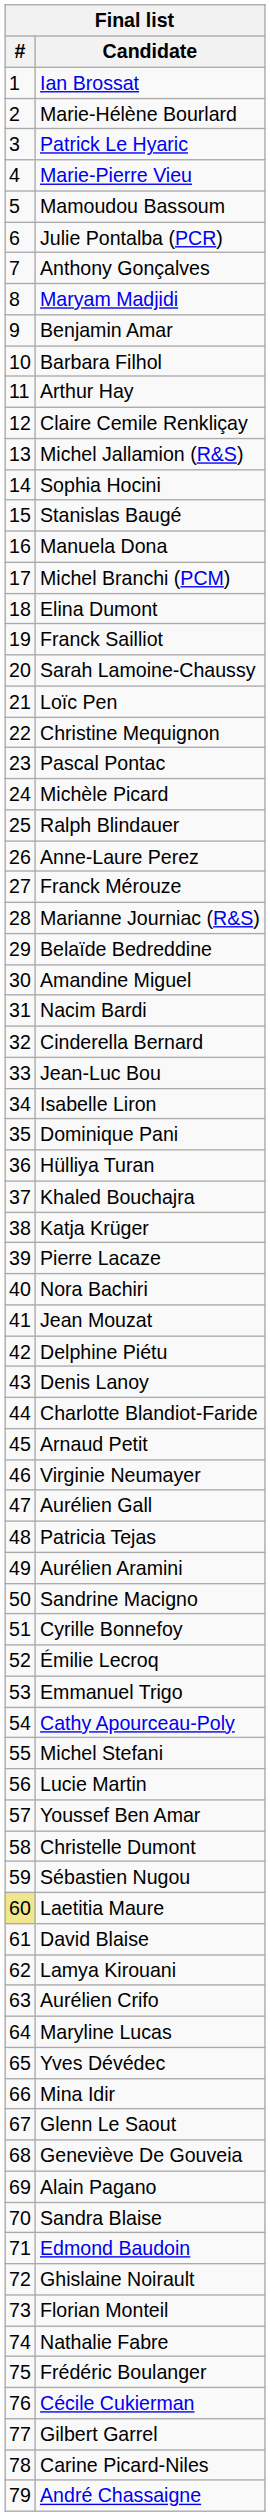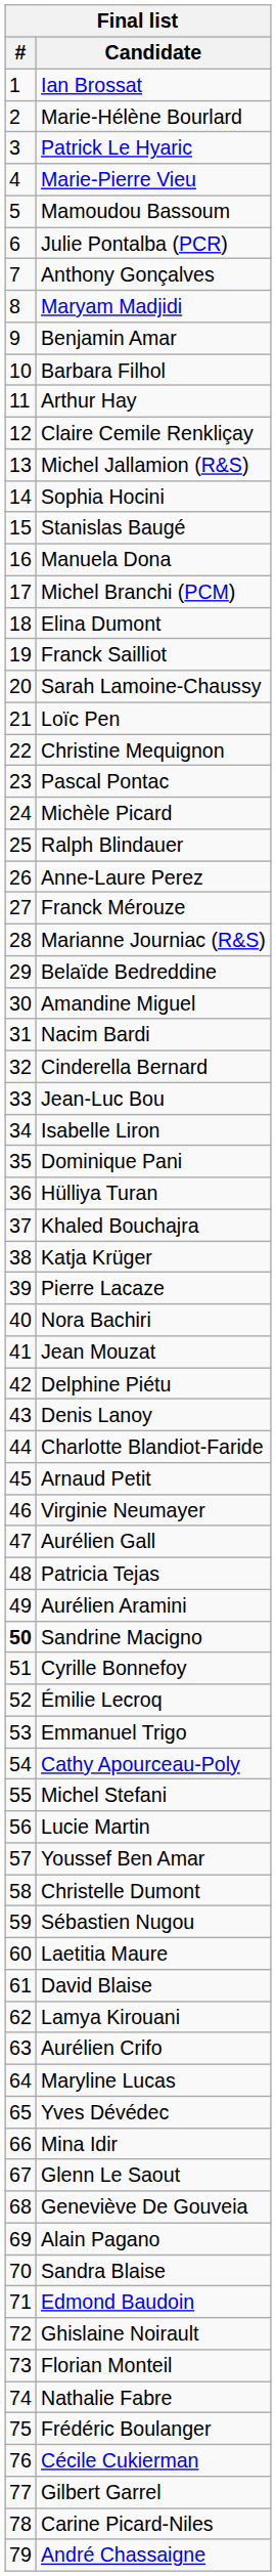 <table class="wikitable mw-collapsible mw-collapsed" style="font-size:90%; float:right; padding:5px">
 <tr>
 <th colspan="2">Final list</th>
 </tr>
 <tr>
 <th>#</th>
 <th>Candidate</th>
 </tr>
 <tr>
 <td>1</td>
 <td><a href='#'>Ian Brossat</a></td>
 </tr>
 <tr>
 <td>2</td>
 <td>Marie-Hélène Bourlard</td>
 </tr>
 <tr>
 <td>3</td>
 <td><a href='#'>Patrick Le Hyaric</a></td>
 </tr>
 <tr>
 <td>4</td>
 <td><a href='#'>Marie-Pierre Vieu</a></td>
 </tr>
 <tr>
 <td>5</td>
 <td>Mamoudou Bassoum</td>
 </tr>
 <tr>
 <td>6</td>
 <td>Julie Pontalba (<a href='#'>PCR</a>)</td>
 </tr>
 <tr>
 <td>7</td>
 <td>Anthony Gonçalves</td>
 </tr>
 <tr>
 <td>8</td>
 <td><a href='#'>Maryam Madjidi</a></td>
 </tr>
 <tr>
 <td>9</td>
 <td>Benjamin Amar</td>
 </tr>
 <tr>
 <td>10</td>
 <td>Barbara Filhol</td>
 </tr>
 <tr>
 <td>11</td>
 <td>Arthur Hay</td>
 </tr>
 <tr>
 <td>12</td>
 <td>Claire Cemile Renkliçay</td>
 </tr>
 <tr>
 <td>13</td>
 <td>Michel Jallamion (<a href='#'>R&S</a>)</td>
 </tr>
 <tr>
 <td>14</td>
 <td>Sophia Hocini</td>
 </tr>
 <tr>
 <td>15</td>
 <td>Stanislas Baugé</td>
 </tr>
 <tr>
 <td>16</td>
 <td>Manuela Dona</td>
 </tr>
 <tr>
 <td>17</td>
 <td>Michel Branchi (<a href='#'>PCM</a>)</td>
 </tr>
 <tr>
 <td>18</td>
 <td>Elina Dumont</td>
 </tr>
 <tr>
 <td>19</td>
 <td>Franck Sailliot</td>
 </tr>
 <tr>
 <td>20</td>
 <td>Sarah Lamoine-Chaussy</td>
 </tr>
 <tr>
 <td>21</td>
 <td>Loïc Pen</td>
 </tr>
 <tr>
 <td>22</td>
 <td>Christine Mequignon</td>
 </tr>
 <tr>
 <td>23</td>
 <td>Pascal Pontac</td>
 </tr>
 <tr>
 <td>24</td>
 <td>Michèle Picard</td>
 </tr>
 <tr>
 <td>25</td>
 <td>Ralph Blindauer</td>
 </tr>
 <tr>
 <td>26</td>
 <td>Anne-Laure Perez</td>
 </tr>
 <tr>
 <td>27</td>
 <td>Franck Mérouze</td>
 </tr>
 <tr>
 <td>28</td>
 <td>Marianne Journiac (<a href='#'>R&S</a>)</td>
 </tr>
 <tr>
 <td>29</td>
 <td>Belaïde Bedreddine</td>
 </tr>
 <tr>
 <td>30</td>
 <td>Amandine Miguel</td>
 </tr>
 <tr>
 <td>31</td>
 <td>Nacim Bardi</td>
 </tr>
 <tr>
 <td>32</td>
 <td>Cinderella Bernard</td>
 </tr>
 <tr>
 <td>33</td>
 <td>Jean-Luc Bou</td>
 </tr>
 <tr>
 <td>34</td>
 <td>Isabelle Liron</td>
 </tr>
 <tr>
 <td>35</td>
 <td>Dominique Pani</td>
 </tr>
 <tr>
 <td>36</td>
 <td>Hülliya Turan</td>
 </tr>
 <tr>
 <td>37</td>
 <td>Khaled Bouchajra</td>
 </tr>
 <tr>
 <td>38</td>
 <td>Katja Krüger</td>
 </tr>
 <tr>
 <td>39</td>
 <td>Pierre Lacaze</td>
 </tr>
 <tr>
 <td>40</td>
 <td>Nora Bachiri</td>
 </tr>
 <tr>
 <td>41</td>
 <td>Jean Mouzat</td>
 </tr>
 <tr>
 <td>42</td>
 <td>Delphine Piétu</td>
 </tr>
 <tr>
 <td>43</td>
 <td>Denis Lanoy</td>
 </tr>
 <tr>
 <td>44</td>
 <td>Charlotte Blandiot-Faride</td>
 </tr>
 <tr>
 <td>45</td>
 <td>Arnaud Petit</td>
 </tr>
 <tr>
 <td>46</td>
 <td>Virginie Neumayer</td>
 </tr>
 <tr>
 <td>47</td>
 <td>Aurélien Gall</td>
 </tr>
 <tr>
 <td>48</td>
 <td>Patricia Tejas</td>
 </tr>
 <tr>
 <td>49</td>
 <td>Aurélien Aramini</td>
 </tr>
 <tr>
-<td>50</td>
+<td><strong>50</strong></td>
 <td>Sandrine Macigno</td>
 </tr>
 <tr>
 <td>51</td>
 <td>Cyrille Bonnefoy</td>
 </tr>
 <tr>
 <td>52</td>
 <td>Émilie Lecroq</td>
 </tr>
 <tr>
 <td>53</td>
 <td>Emmanuel Trigo</td>
 </tr>
 <tr>
 <td>54</td>
 <td><a href='#'>Cathy Apourceau-Poly</a></td>
 </tr>
 <tr>
 <td>55</td>
 <td>Michel Stefani</td>
 </tr>
 <tr>
 <td>56</td>
 <td>Lucie Martin</td>
 </tr>
 <tr>
 <td>57</td>
 <td>Youssef Ben Amar</td>
 </tr>
 <tr>
 <td>58</td>
 <td>Christelle Dumont</td>
 </tr>
 <tr>
 <td>59</td>
 <td>Sébastien Nugou</td>
 </tr>
 <tr>
-<td style="background: khaki;">60</td>
+<td>60</td>
 <td>Laetitia Maure</td>
 </tr>
 <tr>
 <td>61</td>
 <td>David Blaise</td>
 </tr>
 <tr>
 <td>62</td>
 <td>Lamya Kirouani</td>
 </tr>
 <tr>
 <td>63</td>
 <td>Aurélien Crifo</td>
 </tr>
 <tr>
 <td>64</td>
 <td>Maryline Lucas</td>
 </tr>
 <tr>
 <td>65</td>
 <td>Yves Dévédec</td>
 </tr>
 <tr>
 <td>66</td>
 <td>Mina Idir</td>
 </tr>
 <tr>
 <td>67</td>
 <td>Glenn Le Saout</td>
 </tr>
 <tr>
 <td>68</td>
 <td>Geneviève De Gouveia</td>
 </tr>
 <tr>
 <td>69</td>
 <td>Alain Pagano</td>
 </tr>
 <tr>
 <td>70</td>
 <td>Sandra Blaise</td>
 </tr>
 <tr>
 <td>71</td>
 <td><a href='#'>Edmond Baudoin</a></td>
 </tr>
 <tr>
 <td>72</td>
 <td>Ghislaine Noirault</td>
 </tr>
 <tr>
 <td>73</td>
 <td>Florian Monteil</td>
 </tr>
 <tr>
 <td>74</td>
 <td>Nathalie Fabre</td>
 </tr>
 <tr>
 <td>75</td>
 <td>Frédéric Boulanger</td>
 </tr>
 <tr>
 <td>76</td>
 <td><a href='#'>Cécile Cukierman</a></td>
 </tr>
 <tr>
 <td>77</td>
 <td>Gilbert Garrel</td>
 </tr>
 <tr>
 <td>78</td>
 <td>Carine Picard-Niles</td>
 </tr>
 <tr>
 <td>79</td>
 <td><a href='#'>André Chassaigne</a></td>
 </tr>
 </table>
